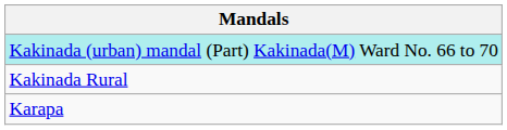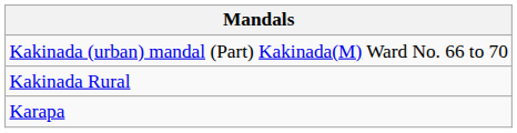 <table class="wikitable sortable static-row-numbers static-row-header-hash">
 <tr>
 <th>Mandals</th>
 </tr>
 <tr>
-<td style="background: paleturquoise;"><a href='#'>Kakinada (urban) mandal</a> (Part) <a href='#'>Kakinada(M)</a> Ward No. 66 to 70</td>
+<td><a href='#'>Kakinada (urban) mandal</a> (Part) <a href='#'>Kakinada(M)</a> Ward No. 66 to 70</td>
 </tr>
 <tr>
 <td><a href='#'>Kakinada Rural</a></td>
 </tr>
 <tr>
 <td><a href='#'>Karapa</a></td>
 </tr>
 </table>
